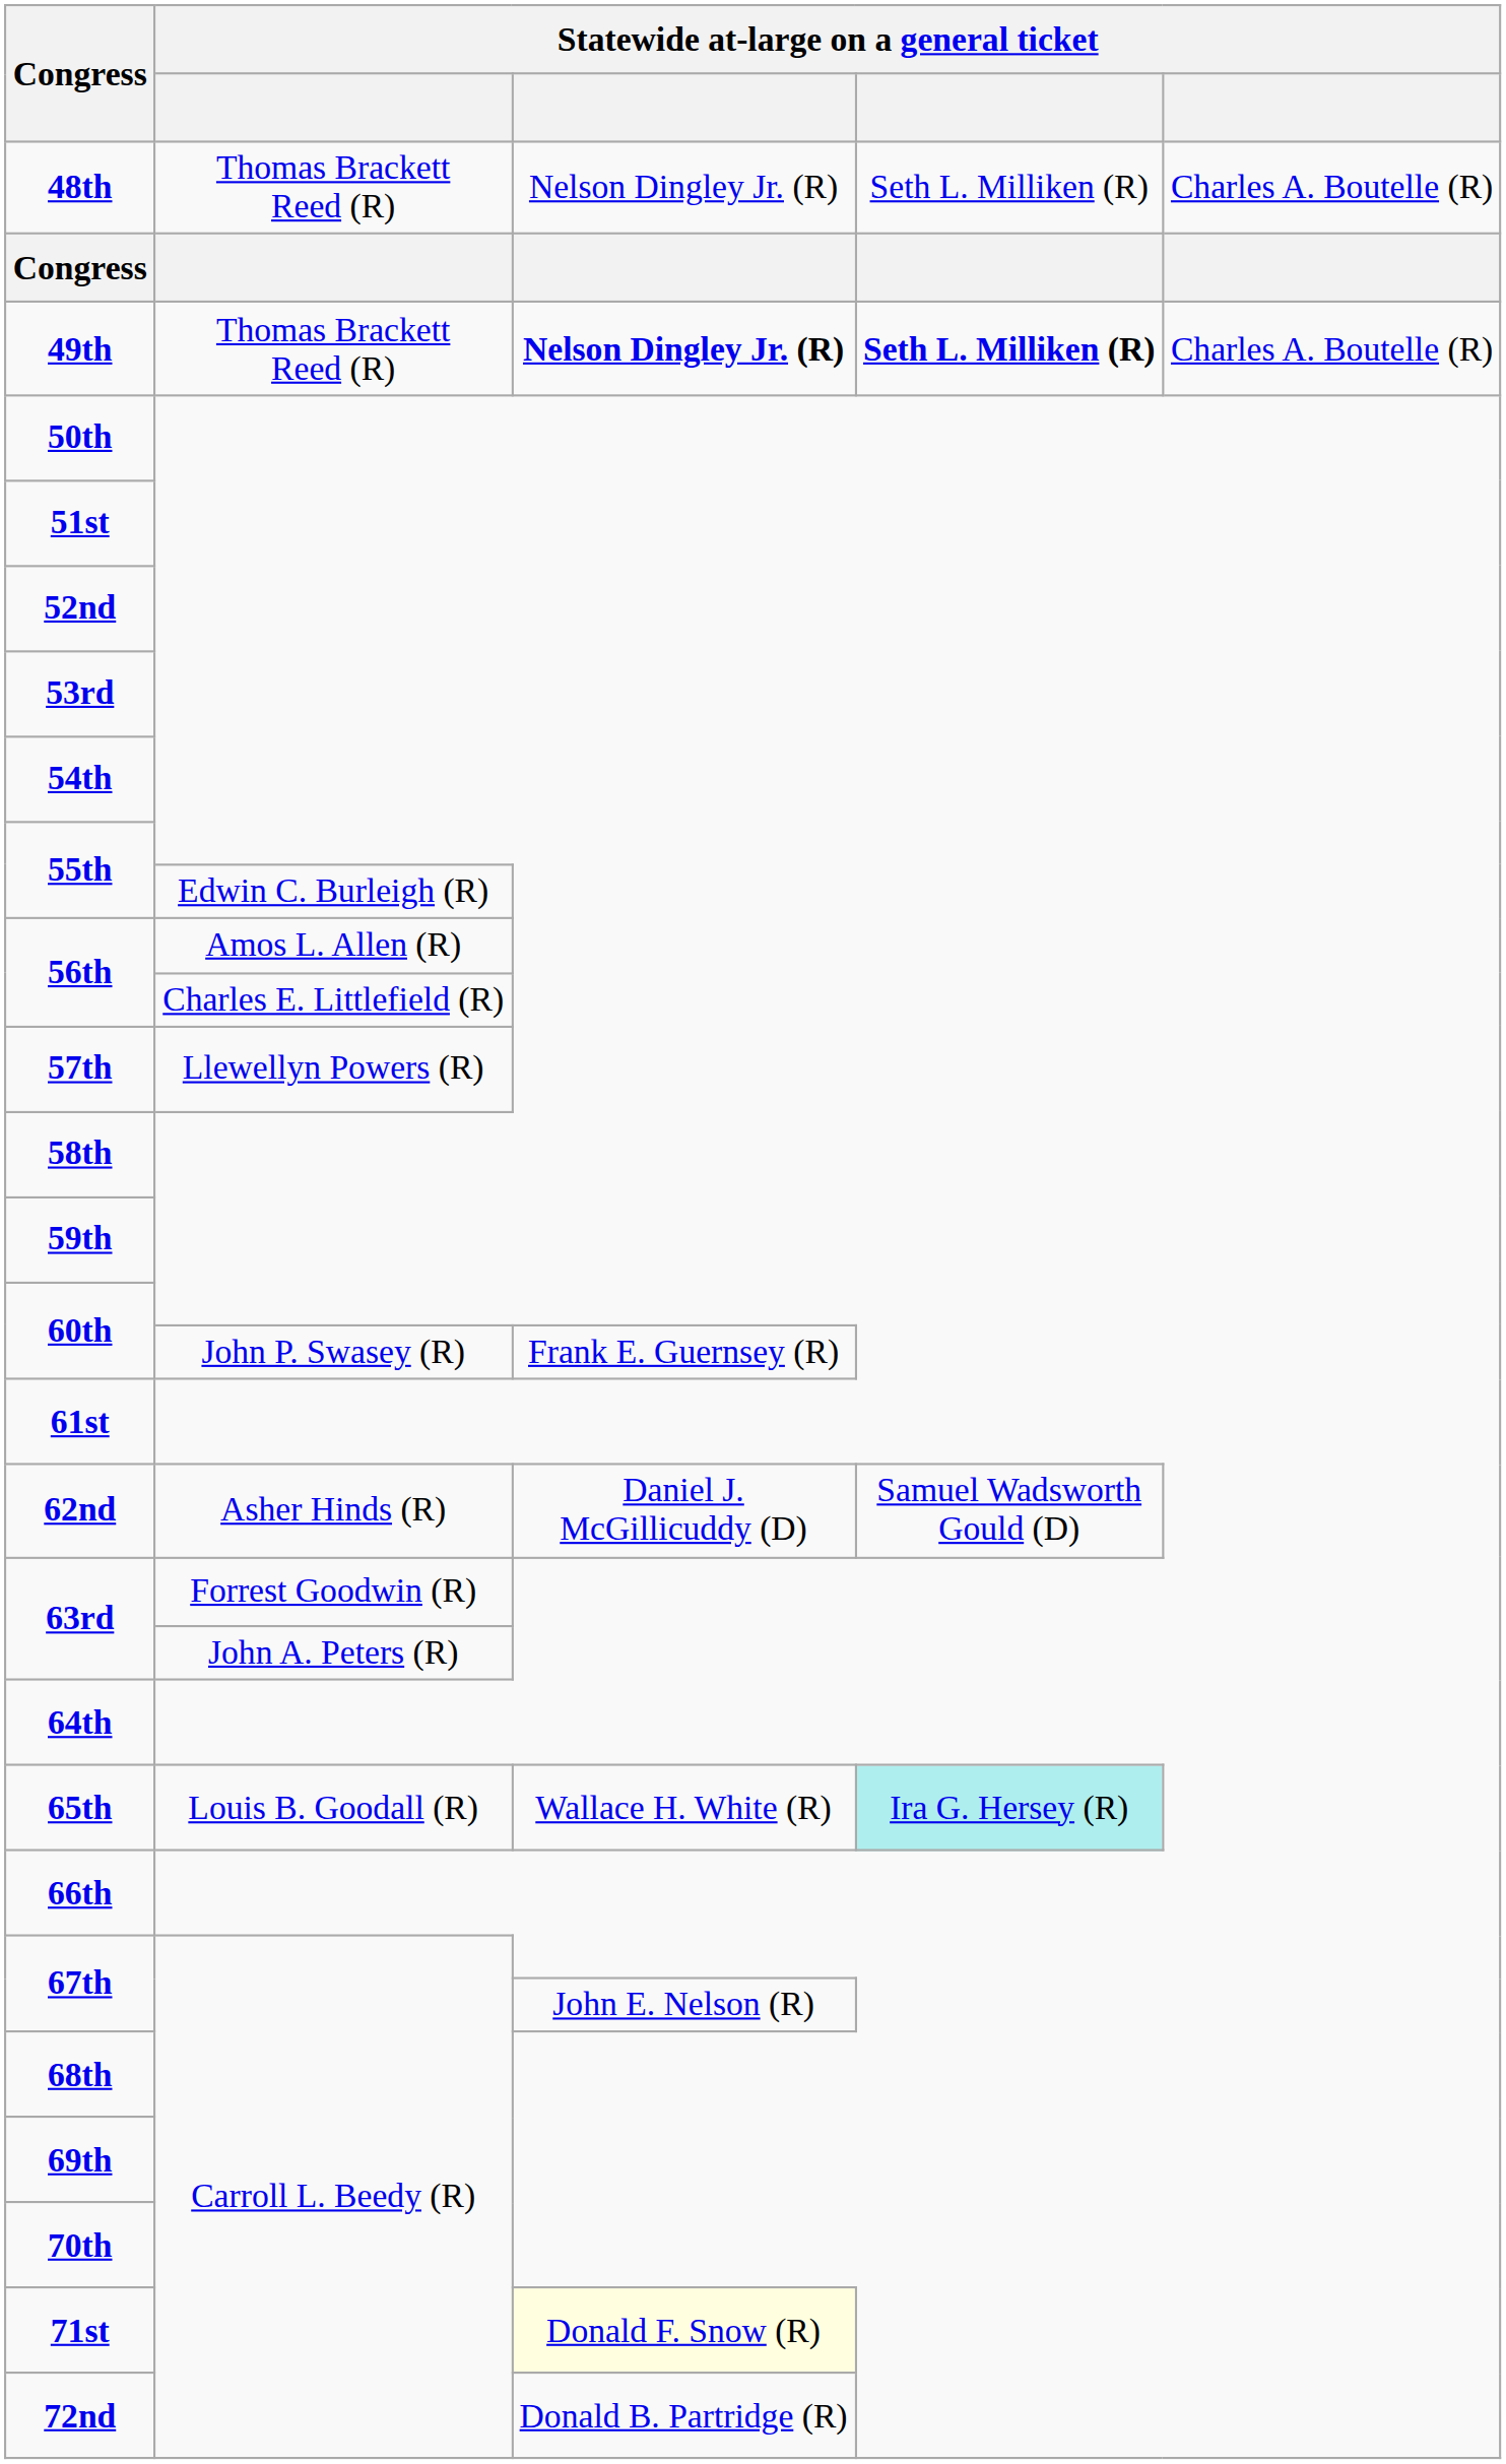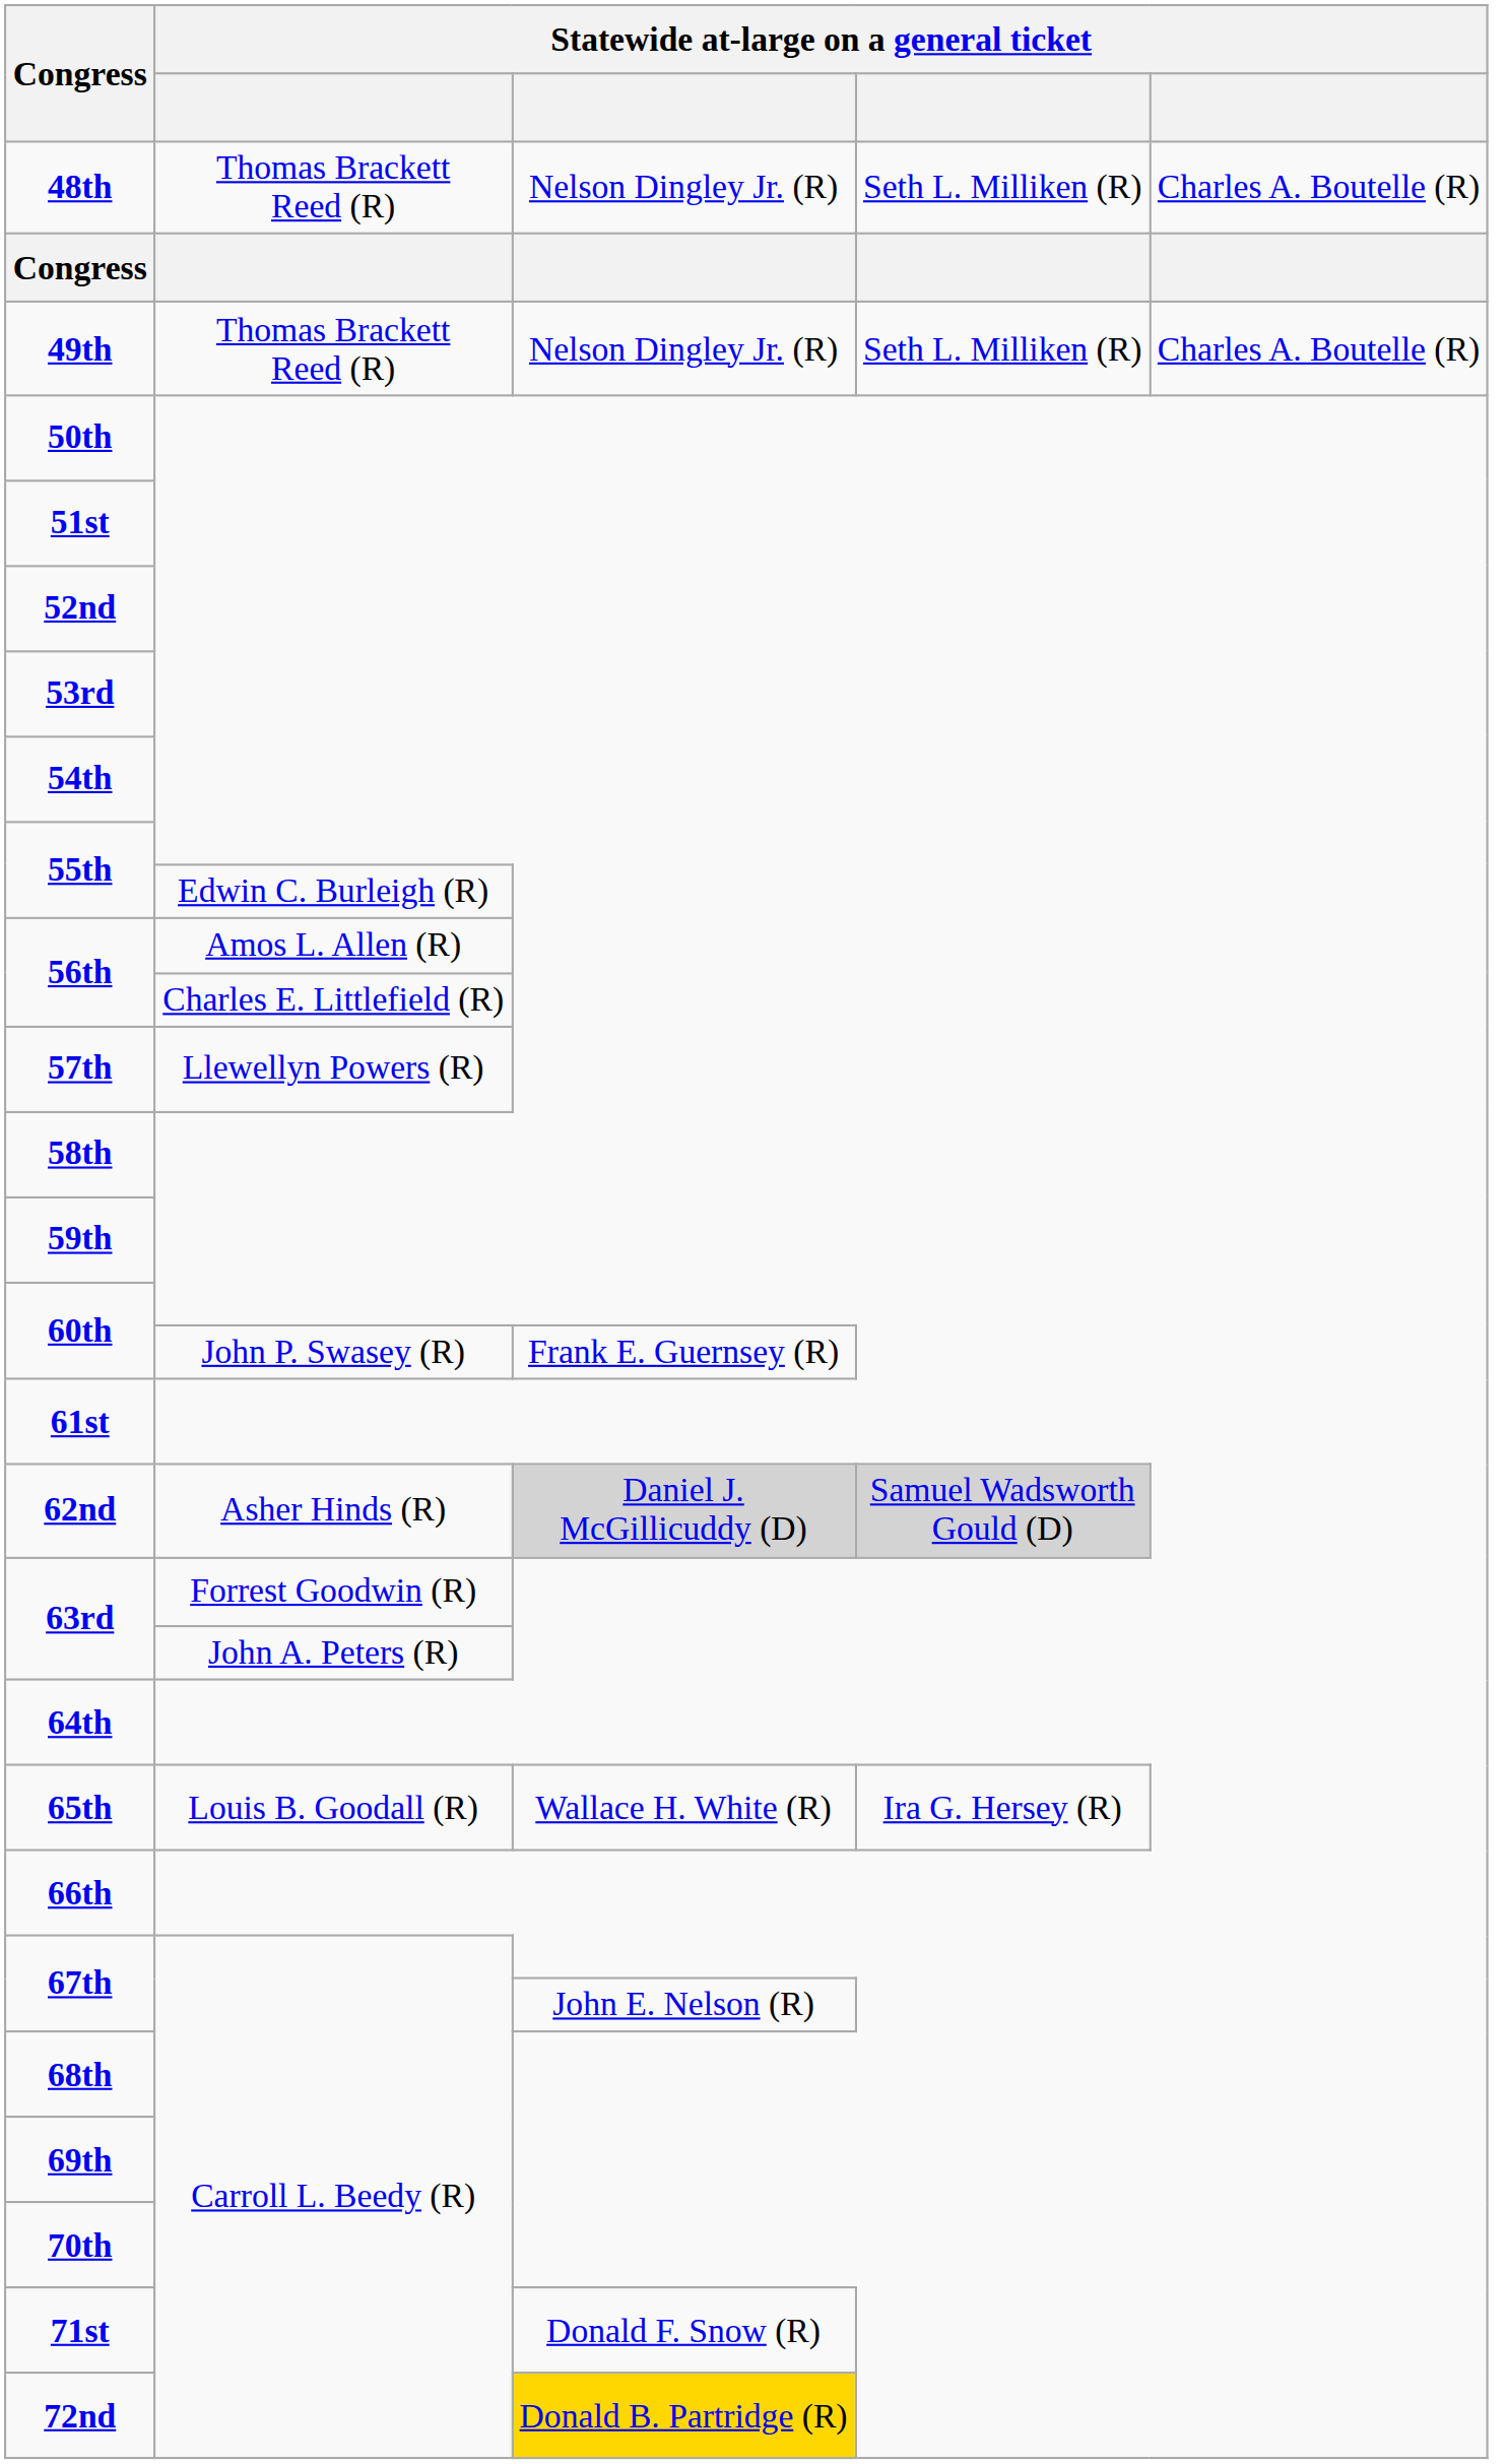 <table class=wikitable style="text-align:center">
 <tr style="height:2em">
 <th rowspan=2>Congress</th>
 <th colspan=4>Statewide at-large on a <a href='#'>general ticket</a></th>
 </tr>
 <tr style="height:2em">
 <th></th>
 <th></th>
 <th></th>
 <th></th>
 </tr>
 <tr style="height:2.5em">
 <td><strong><a href='#'>48th</a></strong> </td>
 <td><a href='#'>Thomas Brackett<br>Reed</a> (R)</td>
 <td><a href='#'>Nelson Dingley Jr.</a> (R)</td>
 <td><a href='#'>Seth L. Milliken</a> (R)</td>
 <td><a href='#'>Charles A. Boutelle</a> (R)</td>
 </tr>
 <tr style="height:2em">
 <th>Congress</th>
 <th></th>
 <th></th>
 <th></th>
 <th></th>
 </tr>
 <tr style="height:2.5em">
 <td><strong><a href='#'>49th</a></strong> </td>
 <td><a href='#'>Thomas Brackett<br>Reed</a> (R)</td>
-<td><strong><a href='#'>Nelson Dingley Jr.</a> (R)</strong></td>
-<td><strong><a href='#'>Seth L. Milliken</a> (R)</strong></td>
+<td><a href='#'>Nelson Dingley Jr.</a> (R)</td>
+<td><a href='#'>Seth L. Milliken</a> (R)</td>
 <td><a href='#'>Charles A. Boutelle</a> (R)</td>
 </tr>
 <tr style="height:2.5em">
 <td><strong><a href='#'>50th</a></strong> </td>
 </tr>
 <tr style="height:2.5em">
 <td><strong><a href='#'>51st</a></strong> </td>
 </tr>
 <tr style="height:2.5em">
 <td><strong><a href='#'>52nd</a></strong> </td>
 </tr>
 <tr style="height:2.5em">
 <td><strong><a href='#'>53rd</a></strong> </td>
 </tr>
 <tr style="height:2.5em">
 <td><strong><a href='#'>54th</a></strong> </td>
 </tr>
 <tr style="height:1.25em">
 <td rowspan=2><strong><a href='#'>55th</a></strong> </td>
 </tr>
 <tr style="height:1.25em">
 <td><a href='#'>Edwin C. Burleigh</a> (R)</td>
 </tr>
 <tr style="height:1.25em">
 <td rowspan=2><strong><a href='#'>56th</a></strong> </td>
 <td><a href='#'>Amos L. Allen</a> (R)</td>
 </tr>
 <tr style="height:1.25em">
 <td><a href='#'>Charles E. Littlefield</a> (R)</td>
 </tr>
 <tr style="height:2.5em">
 <td><strong><a href='#'>57th</a></strong> </td>
 <td><a href='#'>Llewellyn Powers</a> (R)</td>
 </tr>
 <tr style="height:2.5em">
 <td><strong><a href='#'>58th</a></strong> </td>
 </tr>
 <tr style="height:2.5em">
 <td><strong><a href='#'>59th</a></strong> </td>
 </tr>
 <tr style="height:1.25em">
 <td rowspan=2><strong><a href='#'>60th</a></strong> </td>
 </tr>
 <tr style="height:1.25em">
 <td><a href='#'>John P. Swasey</a> (R)</td>
 <td><a href='#'>Frank E. Guernsey</a> (R)</td>
 </tr>
 <tr style="height:2.5em">
 <td><strong><a href='#'>61st</a></strong> </td>
 </tr>
 <tr style="height:2.5em">
 <td><strong><a href='#'>62nd</a></strong> </td>
 <td><a href='#'>Asher Hinds</a> (R)</td>
-<td><a href='#'>Daniel J.<br>McGillicuddy</a> (D)</td>
-<td><a href='#'>Samuel Wadsworth<br>Gould</a> (D)</td>
+<td style="background: lightgrey;"><a href='#'>Daniel J.<br>McGillicuddy</a> (D)</td>
+<td style="background: lightgrey;"><a href='#'>Samuel Wadsworth<br>Gould</a> (D)</td>
 </tr>
 <tr style="height:2em">
 <td rowspan=2><strong><a href='#'>63rd</a></strong> </td>
 <td><a href='#'>Forrest Goodwin</a> (R)</td>
 </tr>
 <tr style="height:1.25em">
 <td><a href='#'>John A. Peters</a> (R)</td>
 </tr>
 <tr style="height:2.5em">
 <td><strong><a href='#'>64th</a></strong> </td>
 </tr>
 <tr style="height:2.5em">
 <td><strong><a href='#'>65th</a></strong> </td>
 <td><a href='#'>Louis B. Goodall</a> (R)</td>
 <td><a href='#'>Wallace H. White</a> (R)</td>
-<td style="background: paleturquoise;"><a href='#'>Ira G. Hersey</a> (R)</td>
+<td><a href='#'>Ira G. Hersey</a> (R)</td>
 </tr>
 <tr style="height:2.5em">
 <td><strong><a href='#'>66th</a></strong> </td>
 </tr>
 <tr style="height:1.25em">
 <td rowspan=2><strong><a href='#'>67th</a></strong> </td>
 <td rowspan="7" ><a href='#'>Carroll L. Beedy</a> (R)</td>
 </tr>
 <tr style="height:1.25em">
 <td><a href='#'>John E. Nelson</a> (R)</td>
 </tr>
 <tr style="height:2.5em">
 <td><strong><a href='#'>68th</a></strong> </td>
 </tr>
 <tr style="height:2.5em">
 <td><strong><a href='#'>69th</a></strong> </td>
 </tr>
 <tr style="height:2.5em">
 <td><strong><a href='#'>70th</a></strong> </td>
 </tr>
 <tr style="height:2.5em">
 <td><strong><a href='#'>71st</a></strong> </td>
-<td style="background: lightyellow;"><a href='#'>Donald F. Snow</a> (R)</td>
+<td><a href='#'>Donald F. Snow</a> (R)</td>
 </tr>
 <tr style="height:2.5em">
 <td><strong><a href='#'>72nd</a></strong> </td>
-<td><a href='#'>Donald B. Partridge</a> (R)</td>
+<td style="background: gold;"><a href='#'>Donald B. Partridge</a> (R)</td>
 </tr>
 </table>
